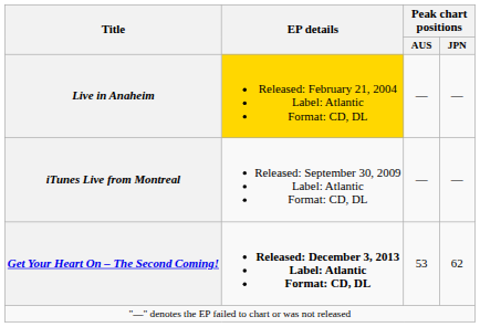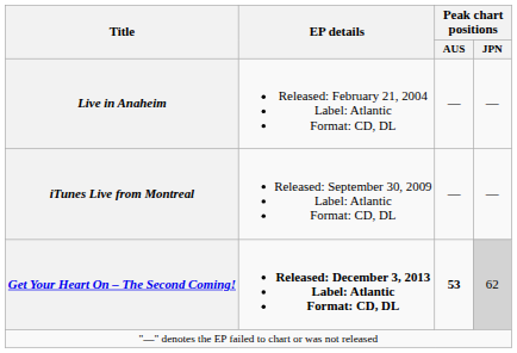 <table class="wikitable plainrowheaders" style="text-align:center;">
 <tr>
 <th scope="col" rowspan="2">Title</th>
 <th scope="col" rowspan="2">EP details</th>
 <th scope="col" colspan="2">Peak chart positions</th>
 </tr>
 <tr>
 <th scope="col" style="width:3em;font-size:85%;">AUS<br></th>
 <th scope="col" style="width:3em;font-size:85%;">JPN<br></th>
 </tr>
 <tr>
 <th scope="row"><em>Live in Anaheim</em></th>
-<td style="background: gold;"><br><ul><li>Released: February 21, 2004</li><li>Label: Atlantic</li><li>Format: CD, DL</li></ul></td>
+<td><br><ul><li>Released: February 21, 2004</li><li>Label: Atlantic</li><li>Format: CD, DL</li></ul></td>
 <td>—</td>
 <td>—</td>
 </tr>
 <tr>
 <th scope="row"><em>iTunes Live from Montreal</em></th>
 <td><br><ul><li>Released: September 30, 2009</li><li>Label: Atlantic</li><li>Format: CD, DL</li></ul></td>
 <td>—</td>
 <td>—</td>
 </tr>
 <tr>
 <th scope="row"><em><a href='#'>Get Your Heart On – The Second Coming!</a></em></th>
 <td><strong><br><ul><li>Released: December 3, 2013</li><li>Label: Atlantic</li><li>Format: CD, DL</li></ul></strong></td>
-<td>53</td>
-<td>62</td>
+<td><strong>53</strong></td>
+<td style="background: lightgrey;">62</td>
 </tr>
 <tr>
 <td colspan="30" style="font-size:85%">"—" denotes the EP failed to chart or was not released</td>
 </tr>
 </table>
